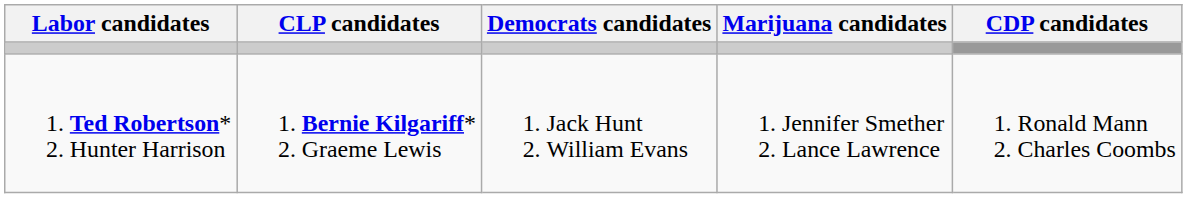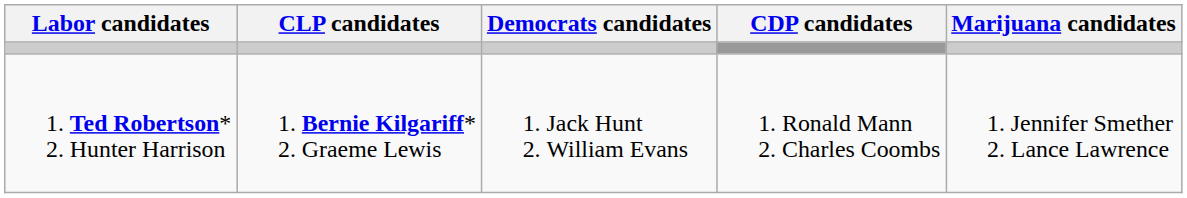 <table class="wikitable">
 <tr>
 <th><a href='#'>Labor</a> candidates</th>
 <th><a href='#'>CLP</a> candidates</th>
 <th><a href='#'>Democrats</a> candidates</th>
+<th><a href='#'>CDP</a> candidates</th>
 <th><a href='#'>Marijuana</a> candidates</th>
-<th><a href='#'>CDP</a> candidates</th>
 </tr>
 <tr bgcolor="#cccccc">
 <td></td>
 <td></td>
 <td></td>
+<td bgcolor="#999999"></td>
 <td></td>
-<td bgcolor="#999999"></td>
 </tr>
 <tr>
 <td><br><ol><li><strong><a href='#'>Ted Robertson</a></strong>*</li><li>Hunter Harrison</li></ol></td>
 <td><br><ol><li><strong><a href='#'>Bernie Kilgariff</a></strong>*</li><li>Graeme Lewis</li></ol></td>
 <td valign=top><br><ol><li>Jack Hunt</li><li>William Evans</li></ol></td>
+<td valign=top><br><ol><li>Ronald Mann</li><li>Charles Coombs</li></ol></td>
 <td valign=top><br><ol><li>Jennifer Smether</li><li>Lance Lawrence</li></ol></td>
-<td valign=top><br><ol><li>Ronald Mann</li><li>Charles Coombs</li></ol></td>
 </tr>
 </table>
